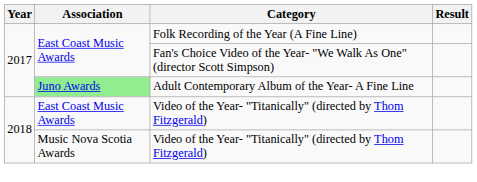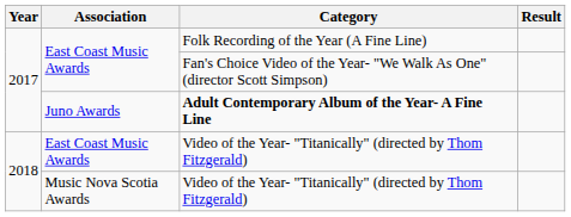 <table class="wikitable">
 <tr>
 <th>Year</th>
 <th>Association</th>
 <th>Category</th>
 <th>Result</th>
 </tr>
 <tr>
 <td rowspan="3">2017</td>
 <td rowspan="2"><a href='#'>East Coast Music Awards</a></td>
 <td>Folk Recording of the Year (A Fine Line)</td>
 <td></td>
 </tr>
 <tr>
 <td>Fan's Choice Video of the Year- "We Walk As One" (director Scott Simpson)</td>
 <td></td>
 </tr>
 <tr>
-<td style="background: lightgreen;"><a href='#'>Juno Awards</a></td>
-<td>Adult Contemporary Album of the Year- A Fine Line</td>
+<td><a href='#'>Juno Awards</a></td>
+<td><strong>Adult Contemporary Album of the Year- A Fine Line</strong></td>
 <td></td>
 </tr>
 <tr>
 <td rowspan="3">2018</td>
 <td><a href='#'>East Coast Music Awards</a></td>
 <td>Video of the Year- "Titanically" (directed by <a href='#'>Thom Fitzgerald</a>)</td>
 <td></td>
 </tr>
 <tr>
 <td>Music Nova Scotia Awards</td>
 <td>Video of the Year- "Titanically" (directed by <a href='#'>Thom Fitzgerald</a>)</td>
 <td></td>
 </tr>
 </table>
